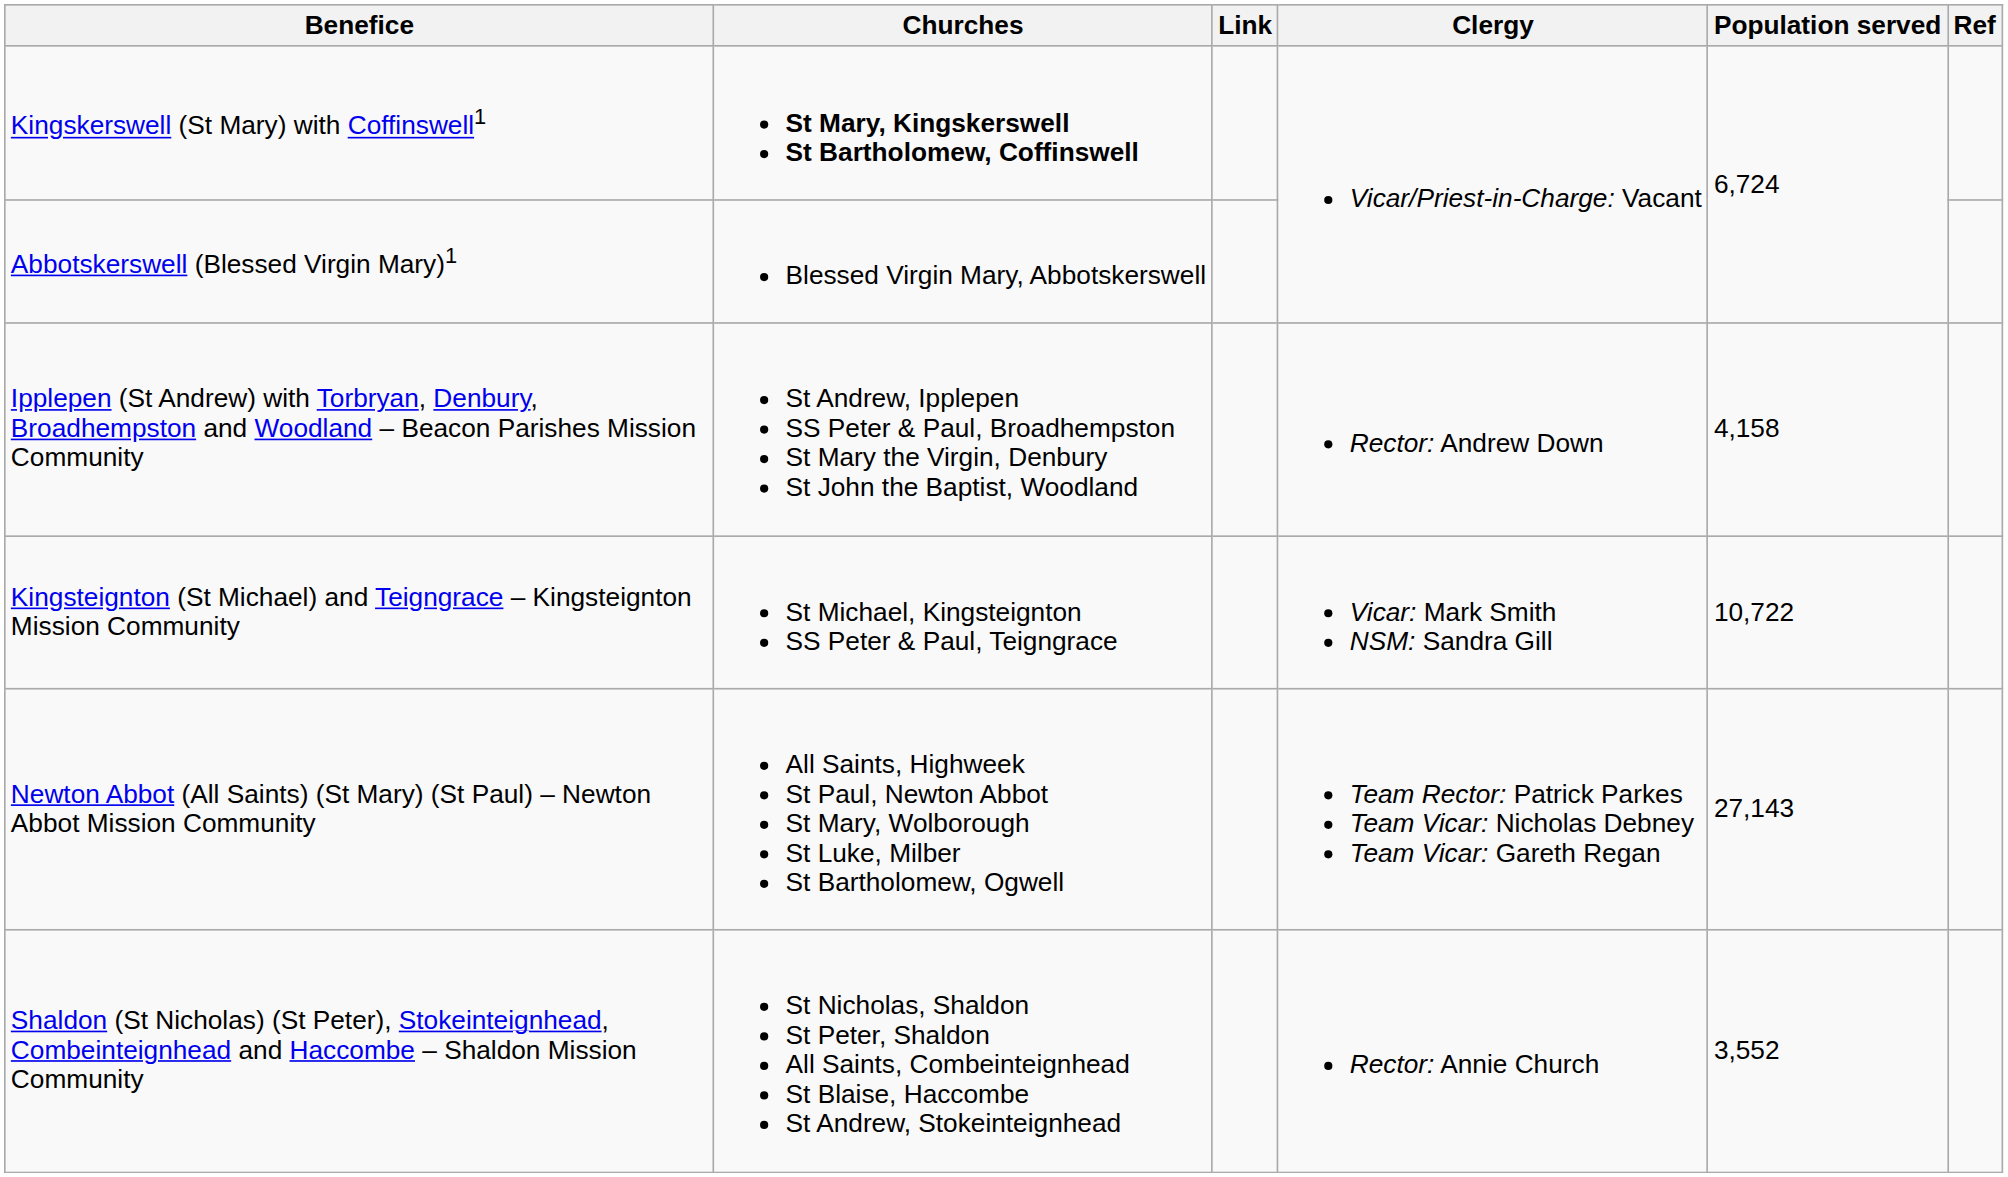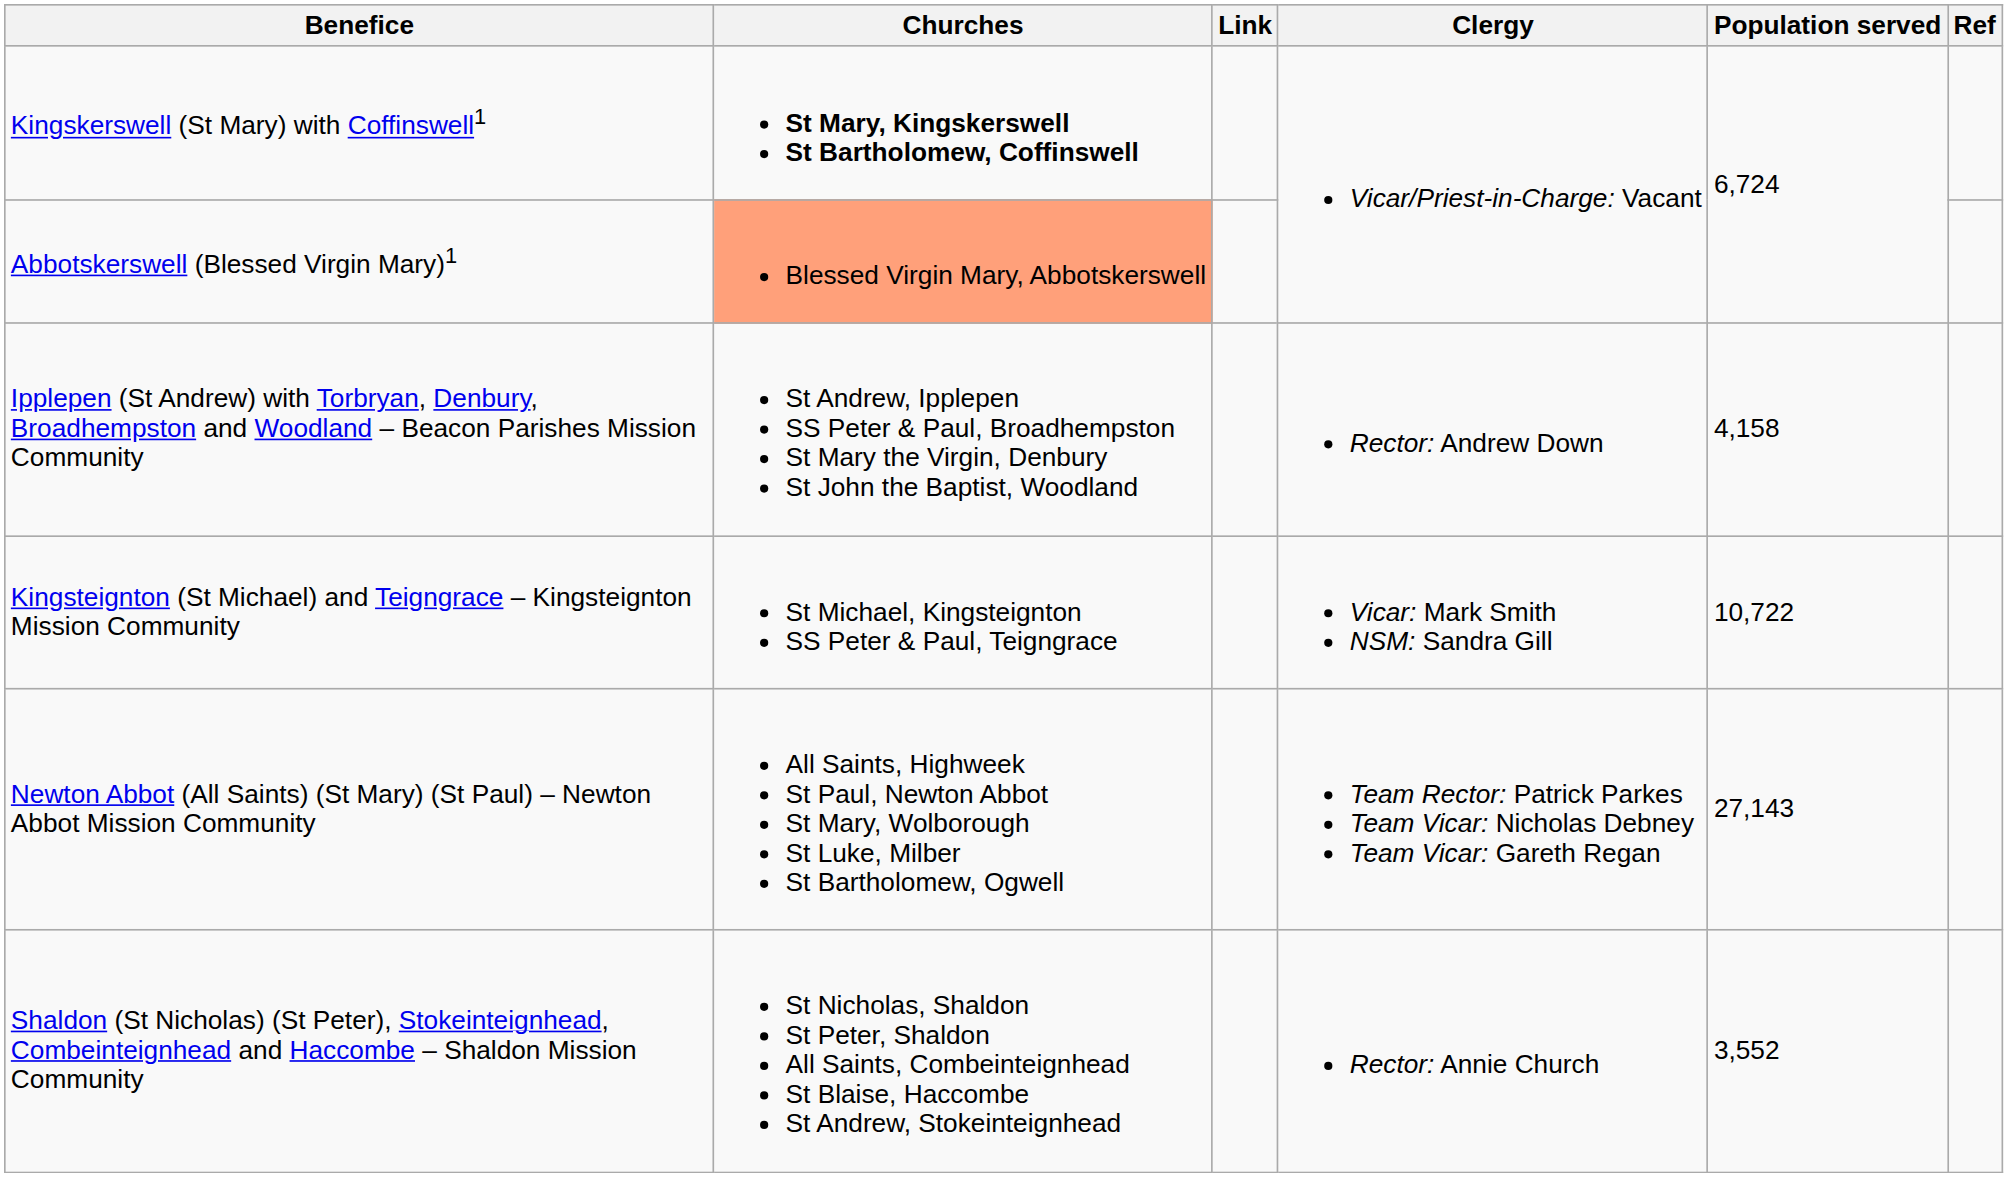 <table class="wikitable">
 <tr>
 <th width="425">Benefice</th>
 <th>Churches</th>
 <th>Link</th>
 <th>Clergy</th>
 <th>Population served</th>
 <th>Ref</th>
 </tr>
 <tr>
 <td><a href='#'>Kingskerswell</a> (St Mary) with <a href='#'>Coffinswell</a><sup>1</sup></td>
 <td><strong><br><ul><li>St Mary, Kingskerswell</li><li>St Bartholomew, Coffinswell</li></ul></strong></td>
 <td> </td>
 <td rowspan="2"><br><ul><li><em>Vicar/Priest-in-Charge:</em> Vacant</li></ul></td>
 <td rowspan="2">6,724</td>
 <td></td>
 </tr>
 <tr>
 <td><a href='#'>Abbotskerswell</a> (Blessed Virgin Mary)<sup>1</sup></td>
-<td><br><ul><li>Blessed Virgin Mary, Abbotskerswell</li></ul></td>
+<td style="background: lightsalmon;"><br><ul><li>Blessed Virgin Mary, Abbotskerswell</li></ul></td>
 <td></td>
 <td></td>
 </tr>
 <tr>
 <td><a href='#'>Ipplepen</a> (St Andrew) with <a href='#'>Torbryan</a>, <a href='#'>Denbury</a>, <a href='#'>Broadhempston</a> and <a href='#'>Woodland</a> – Beacon Parishes Mission Community</td>
 <td><br><ul><li>St Andrew, Ipplepen</li><li>SS Peter & Paul, Broadhempston</li><li>St Mary the Virgin, Denbury</li><li>St John the Baptist, Woodland</li></ul></td>
 <td></td>
 <td><br><ul><li><em>Rector:</em> Andrew Down</li></ul></td>
 <td>4,158</td>
 <td></td>
 </tr>
 <tr>
 <td><a href='#'>Kingsteignton</a> (St Michael) and <a href='#'>Teigngrace</a> – Kingsteignton Mission Community</td>
 <td><br><ul><li>St Michael, Kingsteignton</li><li>SS Peter & Paul, Teigngrace</li></ul></td>
 <td></td>
 <td><br><ul><li><em>Vicar:</em> Mark Smith</li><li><em>NSM:</em> Sandra Gill</li></ul></td>
 <td>10,722</td>
 <td></td>
 </tr>
 <tr>
 <td><a href='#'>Newton Abbot</a> (All Saints) (St Mary) (St Paul) – Newton Abbot Mission Community</td>
 <td><br><ul><li>All Saints, Highweek</li><li>St Paul, Newton Abbot</li><li>St Mary, Wolborough</li><li>St Luke, Milber</li><li>St Bartholomew, Ogwell</li></ul></td>
 <td></td>
 <td><br><ul><li><em>Team Rector:</em> Patrick Parkes</li><li><em>Team Vicar:</em> Nicholas Debney</li><li><em>Team Vicar:</em> Gareth Regan</li></ul></td>
 <td>27,143</td>
 <td></td>
 </tr>
 <tr>
 <td><a href='#'>Shaldon</a> (St Nicholas) (St Peter), <a href='#'>Stokeinteignhead</a>, <a href='#'>Combeinteignhead</a> and <a href='#'>Haccombe</a> – Shaldon Mission Community</td>
 <td><br><ul><li>St Nicholas, Shaldon</li><li>St Peter, Shaldon</li><li>All Saints, Combeinteignhead</li><li>St Blaise, Haccombe</li><li>St Andrew, Stokeinteignhead</li></ul></td>
 <td></td>
 <td><br><ul><li><em>Rector:</em> Annie Church</li></ul></td>
 <td>3,552</td>
 <td></td>
 </tr>
 </table>
